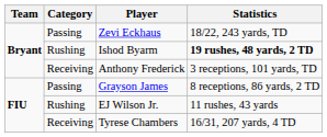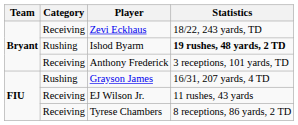 <table class="wikitable" style="float: left;">
 <tr>
 <th>Team</th>
 <th>Category</th>
 <th>Player</th>
 <th>Statistics</th>
 </tr>
 <tr>
 <td rowspan=3><strong>Bryant</strong></td>
-<td>Passing</td>
+<td>Receiving</td>
 <td><a href='#'>Zevi Eckhaus</a></td>
 <td>18/22, 243 yards, TD</td>
 </tr>
 <tr>
 <td>Rushing</td>
 <td>Ishod Byarm</td>
 <td><strong>19 rushes, 48 yards, 2 TD</strong></td>
 </tr>
 <tr>
 <td>Receiving</td>
 <td>Anthony Frederick</td>
 <td>3 receptions, 101 yards, TD</td>
 </tr>
 <tr>
 <td rowspan=3><strong>FIU</strong></td>
-<td>Passing</td>
+<td>Rushing</td>
 <td><a href='#'>Grayson James</a></td>
-<td>8 receptions, 86 yards, 2 TD</td>
+<td>16/31, 207 yards, 4 TD</td>
 </tr>
 <tr>
-<td>Rushing</td>
+<td>Receiving</td>
 <td>EJ Wilson Jr.</td>
 <td>11 rushes, 43 yards</td>
 </tr>
 <tr>
 <td>Receiving</td>
 <td>Tyrese Chambers</td>
-<td>16/31, 207 yards, 4 TD</td>
+<td>8 receptions, 86 yards, 2 TD</td>
 </tr>
 </table>
